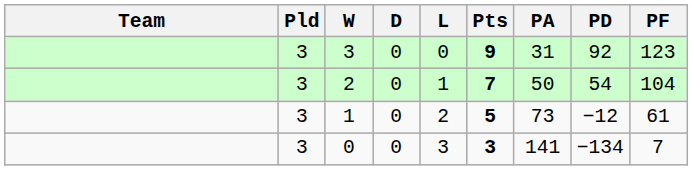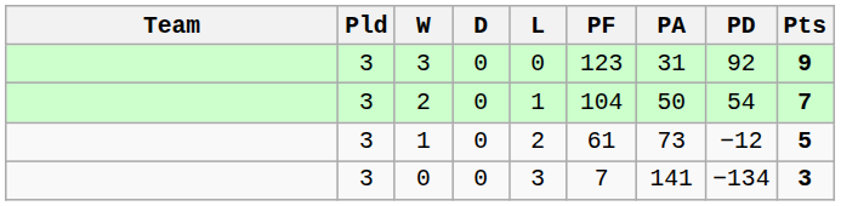 <table class="wikitable" style="text-align:center;">
 <tr>
 <th width=175>Team</th>
 <th width=25 abbr="Played">Pld</th>
 <th width=25 abbr="Won">W</th>
 <th width=25 abbr="Drawn">D</th>
 <th width=25 abbr="Lost">L</th>
-<th width=25 abbr="Points">Pts</th>
+<th width=32 abbr="Points for">PF</th>
 <th width=32 abbr="Points against">PA</th>
 <th width=32 abbr="Points difference">PD</th>
-<th width=32 abbr="Points for">PF</th>
+<th width=25 abbr="Points">Pts</th>
 </tr>
 <tr style="background:#cfc;">
 <td align=left></td>
 <td>3</td>
 <td>3</td>
 <td>0</td>
 <td>0</td>
-<td><strong>9</strong></td>
+<td>123</td>
 <td>31</td>
 <td>92</td>
-<td>123</td>
+<td><strong>9</strong></td>
 </tr>
 <tr style="background:#cfc;">
 <td align=left></td>
 <td>3</td>
 <td>2</td>
 <td>0</td>
 <td>1</td>
-<td><strong>7</strong></td>
+<td>104</td>
 <td>50</td>
 <td>54</td>
-<td>104</td>
+<td><strong>7</strong></td>
 </tr>
 <tr>
 <td align=left></td>
 <td>3</td>
 <td>1</td>
 <td>0</td>
 <td>2</td>
-<td><strong>5</strong></td>
+<td>61</td>
 <td>73</td>
 <td>−12</td>
-<td>61</td>
+<td><strong>5</strong></td>
 </tr>
 <tr>
 <td align=left></td>
 <td>3</td>
 <td>0</td>
 <td>0</td>
 <td>3</td>
-<td><strong>3</strong></td>
+<td>7</td>
 <td>141</td>
 <td>−134</td>
-<td>7</td>
+<td><strong>3</strong></td>
 </tr>
 </table>
